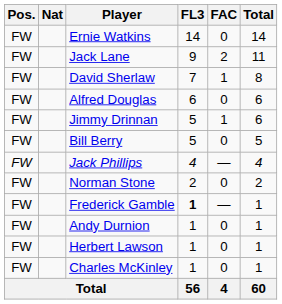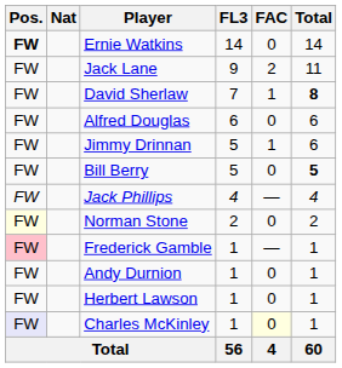 <table class="wikitable"  style="text-align:center; border:1px #aaa solid;">
 <tr>
 <th>Pos.</th>
 <th>Nat</th>
 <th>Player</th>
 <th>FL3</th>
 <th>FAC</th>
 <th>Total</th>
 </tr>
 <tr>
-<td>FW</td>
+<td><strong>FW</strong></td>
 <td></td>
 <td style="text-align:left;"><a href='#'>Ernie Watkins</a></td>
 <td>14</td>
 <td>0</td>
 <td>14</td>
 </tr>
 <tr>
 <td>FW</td>
 <td></td>
 <td style="text-align:left;"><a href='#'>Jack Lane</a></td>
 <td>9</td>
 <td>2</td>
 <td>11</td>
 </tr>
 <tr>
 <td>FW</td>
 <td></td>
 <td style="text-align:left;"><a href='#'>David Sherlaw</a></td>
 <td>7</td>
 <td>1</td>
-<td>8</td>
+<td><strong>8</strong></td>
 </tr>
 <tr>
 <td>FW</td>
 <td></td>
 <td style="text-align:left;"><a href='#'>Alfred Douglas</a></td>
 <td>6</td>
 <td>0</td>
 <td>6</td>
 </tr>
 <tr>
 <td>FW</td>
 <td></td>
 <td style="text-align:left;"><a href='#'>Jimmy Drinnan</a></td>
 <td>5</td>
 <td>1</td>
 <td>6</td>
 </tr>
 <tr>
 <td>FW</td>
 <td></td>
 <td style="text-align:left;"><a href='#'>Bill Berry</a></td>
 <td>5</td>
 <td>0</td>
-<td>5</td>
+<td><strong>5</strong></td>
 </tr>
 <tr>
 <td><em>FW</em></td>
 <td><em></em></td>
 <td style="text-align:left;"><a href='#'><em>Jack Phillips</em></a></td>
 <td><em>4</em></td>
 <td><em>—</em></td>
 <td><em>4</em></td>
 </tr>
 <tr>
-<td>FW</td>
+<td style="background: lightyellow;">FW</td>
 <td></td>
 <td style="text-align:left;"><a href='#'>Norman Stone</a></td>
 <td>2</td>
 <td>0</td>
 <td>2</td>
 </tr>
 <tr>
-<td>FW</td>
+<td style="background: pink;">FW</td>
 <td></td>
 <td style="text-align:left;"><a href='#'>Frederick Gamble</a></td>
-<td><strong>1</strong></td>
+<td>1</td>
 <td>—</td>
 <td>1</td>
 </tr>
 <tr>
 <td>FW</td>
 <td></td>
 <td style="text-align:left;"><a href='#'>Andy Durnion</a></td>
 <td>1</td>
 <td>0</td>
 <td>1</td>
 </tr>
 <tr>
 <td>FW</td>
 <td></td>
 <td style="text-align:left;"><a href='#'>Herbert Lawson</a></td>
 <td>1</td>
 <td>0</td>
 <td>1</td>
 </tr>
 <tr>
-<td>FW</td>
+<td style="background: lavender;">FW</td>
 <td></td>
 <td style="text-align:left;"><a href='#'>Charles McKinley</a></td>
 <td>1</td>
-<td>0</td>
+<td style="background: lightyellow;">0</td>
 <td>1</td>
 </tr>
 <tr>
 <th colspan="3">Total</th>
 <th>56</th>
 <th>4</th>
 <th>60</th>
 </tr>
 </table>
